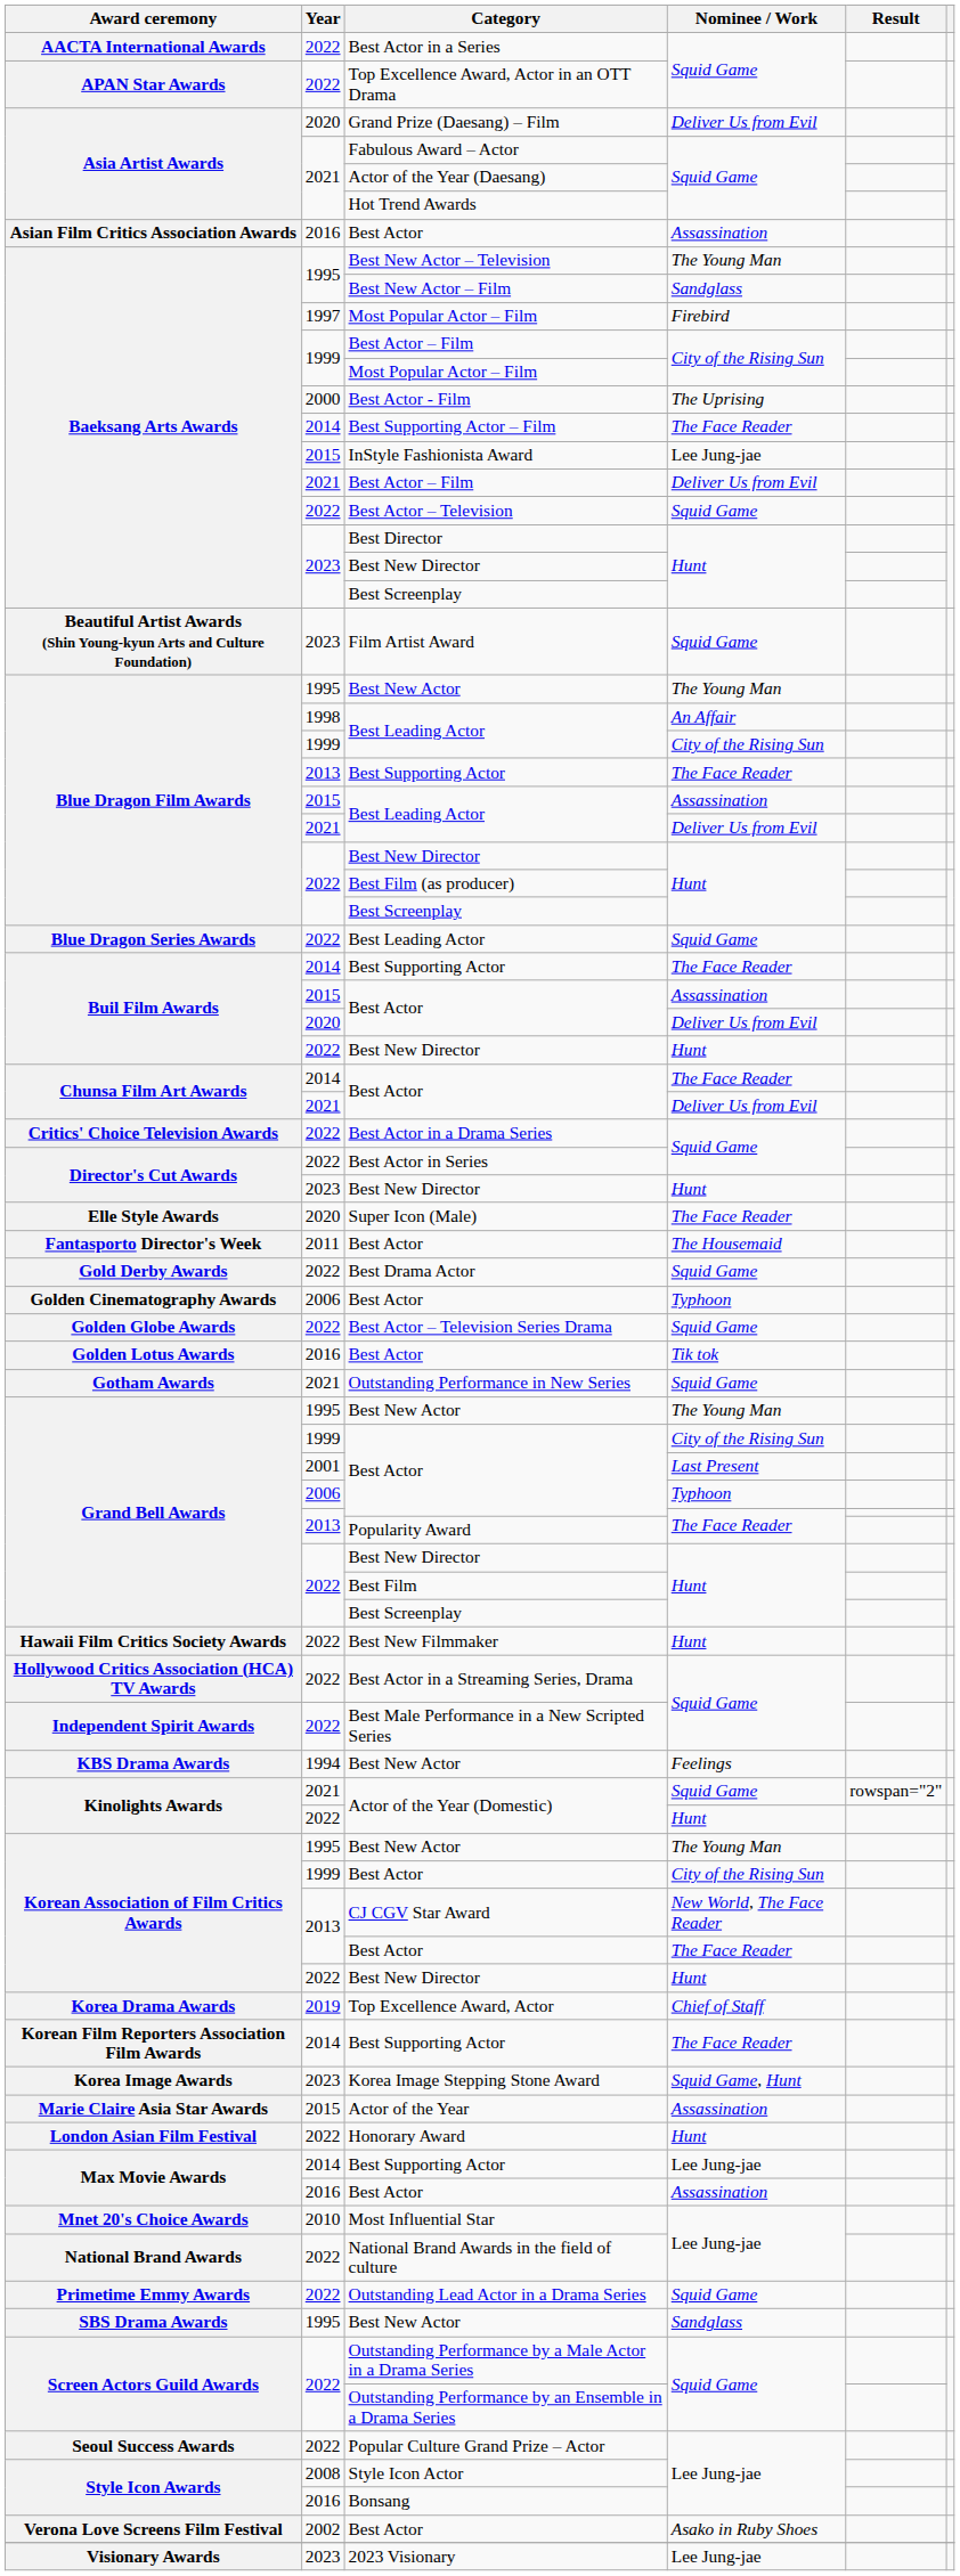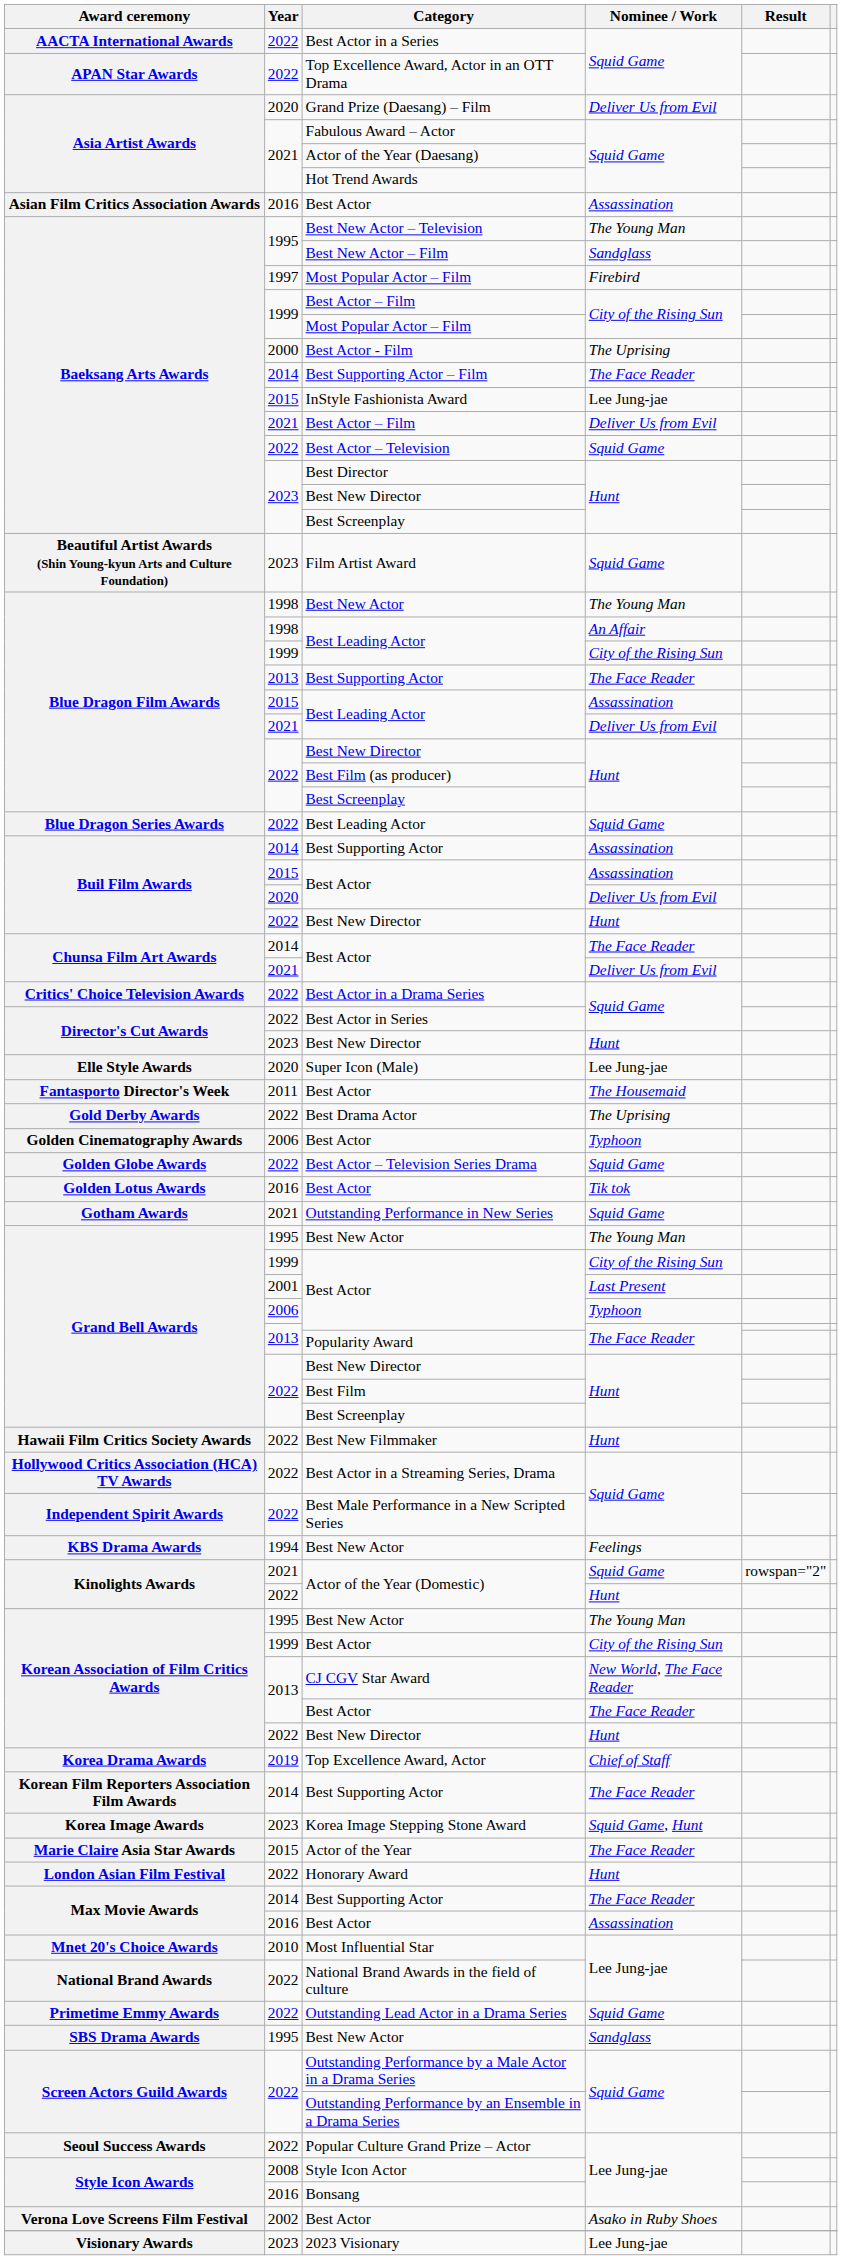 <table class="wikitable plainrowheaders sortable">
 <tr>
 <th scope="col">Award ceremony</th>
 <th scope="col">Year</th>
 <th scope="col">Category</th>
 <th scope="col">Nominee / Work</th>
 <th scope="col">Result</th>
 <th scope="col" class="unsortable"></th>
 </tr>
 <tr>
 <th scope="row"><a href='#'>AACTA International Awards</a></th>
 <td><a href='#'>2022</a></td>
 <td>Best Actor in a Series</td>
 <td rowspan="2"><em><a href='#'>Squid Game</a></em></td>
 <td></td>
 <td style="text-align:center;"></td>
 </tr>
 <tr>
 <th scope="row"  rowspan="1"><a href='#'>APAN Star Awards</a></th>
 <td rowspan="1"><a href='#'>2022</a></td>
 <td>Top Excellence Award, Actor in an OTT Drama</td>
 <td></td>
 <td style="text-align:center"></td>
 </tr>
 <tr>
 <th scope="row"  rowspan="4"><a href='#'>Asia Artist Awards</a></th>
 <td>2020</td>
 <td>Grand Prize (Daesang) – Film</td>
 <td><a href='#'><em>Deliver Us from Evil</em></a></td>
 <td></td>
 <td style="text-align:center;"></td>
 </tr>
 <tr>
 <td rowspan="3">2021</td>
 <td>Fabulous Award – Actor</td>
 <td rowspan="3"><em><a href='#'>Squid Game</a></em></td>
 <td></td>
 <td style="text-align:center;"></td>
 </tr>
 <tr>
 <td>Actor of the Year (Daesang)</td>
 <td></td>
 <td style="text-align:center" rowspan=2></td>
 </tr>
 <tr>
 <td>Hot Trend Awards</td>
 <td></td>
 </tr>
 <tr>
 <th scope="row">Asian Film Critics Association Awards</th>
 <td>2016</td>
 <td>Best Actor</td>
 <td><em><a href='#'>Assassination</a></em></td>
 <td></td>
 <td></td>
 </tr>
 <tr>
 <th rowspan="13" scope="row"><a href='#'>Baeksang Arts Awards</a></th>
 <td rowspan="2">1995</td>
 <td><a href='#'>Best New Actor – Television</a></td>
 <td rowspan="1"><em>The Young Man</em></td>
 <td></td>
 <td></td>
 </tr>
 <tr>
 <td><a href='#'>Best New Actor – Film</a></td>
 <td><em><a href='#'>Sandglass</a></em></td>
 <td></td>
 <td></td>
 </tr>
 <tr>
 <td>1997</td>
 <td><a href='#'>Most Popular Actor – Film</a></td>
 <td><em>Firebird</em></td>
 <td></td>
 <td></td>
 </tr>
 <tr>
 <td rowspan="2">1999</td>
 <td><a href='#'>Best Actor – Film</a></td>
 <td rowspan="2"><em><a href='#'>City of the Rising Sun</a></em></td>
 <td></td>
 <td></td>
 </tr>
 <tr>
 <td><a href='#'>Most Popular Actor – Film</a></td>
 <td></td>
 <td></td>
 </tr>
 <tr>
 <td>2000</td>
 <td><a href='#'>Best Actor - Film</a></td>
 <td><em>The Uprising</em></td>
 <td></td>
 <td></td>
 </tr>
 <tr>
 <td><a href='#'>2014</a></td>
 <td><a href='#'>Best Supporting Actor – Film</a></td>
 <td><em><a href='#'>The Face Reader</a></em></td>
 <td></td>
 <td style="text-align:center;"></td>
 </tr>
 <tr>
 <td><a href='#'>2015</a></td>
 <td>InStyle Fashionista Award</td>
 <td>Lee Jung-jae</td>
 <td></td>
 <td style="text-align:center;"></td>
 </tr>
 <tr>
 <td><a href='#'>2021</a></td>
 <td><a href='#'>Best Actor – Film</a></td>
 <td><a href='#'><em>Deliver Us from Evil</em></a></td>
 <td></td>
 <td style="text-align:center;"></td>
 </tr>
 <tr>
 <td><a href='#'>2022</a></td>
 <td><a href='#'>Best Actor – Television</a></td>
 <td><em><a href='#'>Squid Game</a></em></td>
 <td></td>
 <td style="text-align:center"></td>
 </tr>
 <tr>
 <td rowspan="3"><a href='#'>2023</a></td>
 <td>Best Director</td>
 <td rowspan="3"><em><a href='#'>Hunt</a></em></td>
 <td></td>
 <td style="text-align:center" rowspan="3"></td>
 </tr>
 <tr>
 <td>Best New Director</td>
 <td></td>
 </tr>
 <tr>
 <td>Best Screenplay</td>
 <td></td>
 </tr>
 <tr>
 <th scope="row">Beautiful Artist Awards <br><small>(Shin Young-kyun Arts and Culture Foundation)</small></th>
 <td>2023</td>
 <td>Film Artist Award</td>
 <td><em><a href='#'>Squid Game</a></em></td>
 <td></td>
 <td style="text-align:center"></td>
 </tr>
 <tr>
 <th rowspan="9" scope="row"><a href='#'>Blue Dragon Film Awards</a></th>
-<td>1995</td>
+<td>1998</td>
 <td><a href='#'>Best New Actor</a></td>
 <td rowspan="1"><em>The Young Man</em></td>
 <td></td>
 <td></td>
 </tr>
 <tr>
 <td>1998</td>
 <td rowspan="2"><a href='#'>Best Leading Actor</a></td>
 <td><em><a href='#'>An Affair</a></em></td>
 <td></td>
 <td></td>
 </tr>
 <tr>
 <td>1999</td>
 <td><em><a href='#'>City of the Rising Sun</a></em></td>
 <td></td>
 <td></td>
 </tr>
 <tr>
 <td><a href='#'>2013</a></td>
 <td><a href='#'>Best Supporting Actor</a></td>
 <td><em><a href='#'>The Face Reader</a></em></td>
 <td></td>
 <td style="text-align:center;"></td>
 </tr>
 <tr>
 <td><a href='#'>2015</a></td>
 <td rowspan="2"><a href='#'>Best Leading Actor</a></td>
 <td><em><a href='#'>Assassination</a></em></td>
 <td></td>
 <td></td>
 </tr>
 <tr>
 <td><a href='#'>2021</a></td>
 <td><a href='#'><em>Deliver Us from Evil</em></a></td>
 <td></td>
 <td style="text-align:center;"></td>
 </tr>
 <tr>
 <td rowspan="3"><a href='#'>2022</a></td>
 <td><a href='#'>Best New Director</a></td>
 <td rowspan="3"><a href='#'><em>Hunt</em></a></td>
 <td></td>
 <td style="text-align:center"></td>
 </tr>
 <tr>
 <td><a href='#'>Best Film</a> (as producer)</td>
 <td></td>
 <td rowspan="2" style="text-align:center"></td>
 </tr>
 <tr>
 <td><a href='#'>Best Screenplay</a></td>
 <td></td>
 </tr>
 <tr>
 <th scope="row"><a href='#'>Blue Dragon Series Awards</a></th>
 <td><a href='#'>2022</a></td>
 <td>Best Leading Actor</td>
 <td rowspan=1><em><a href='#'>Squid Game</a></em></td>
 <td></td>
 <td style="text-align:center"></td>
 </tr>
 <tr>
 <th scope="row"  rowspan="4"><a href='#'>Buil Film Awards</a></th>
 <td><a href='#'>2014</a></td>
 <td>Best Supporting Actor</td>
-<td><em><a href='#'>The Face Reader</a></em></td>
+<td rowspan="1"><em><a href='#'>Assassination</a></em></td>
 <td></td>
 <td></td>
 </tr>
 <tr>
 <td><a href='#'>2015</a></td>
 <td rowspan="2">Best Actor</td>
 <td><em><a href='#'>Assassination</a></em></td>
 <td></td>
 <td style="text-align:center;"></td>
 </tr>
 <tr>
 <td><a href='#'>2020</a></td>
 <td rowspan="1"><a href='#'><em>Deliver Us from Evil</em></a></td>
 <td></td>
 <td></td>
 </tr>
 <tr>
 <td><a href='#'>2022</a></td>
 <td>Best New Director</td>
 <td><em><a href='#'>Hunt</a></em></td>
 <td></td>
 <td style="text-align:center"></td>
 </tr>
 <tr>
 <th scope="row"  rowspan="2"><a href='#'>Chunsa Film Art Awards</a></th>
 <td>2014</td>
 <td rowspan="2">Best Actor</td>
 <td><em><a href='#'>The Face Reader</a></em></td>
 <td></td>
 <td></td>
 </tr>
 <tr>
 <td><a href='#'>2021</a></td>
 <td><a href='#'><em>Deliver Us from Evil</em></a></td>
 <td></td>
 <td style="text-align:center;"></td>
 </tr>
 <tr>
 <th scope="row"><a href='#'>Critics' Choice Television Awards</a></th>
 <td><a href='#'>2022</a></td>
 <td><a href='#'>Best Actor in a Drama Series</a></td>
 <td rowspan=2><em><a href='#'>Squid Game</a></em></td>
 <td></td>
 <td style="text-align:center;"></td>
 </tr>
 <tr>
 <th rowspan="2" scope="row"><a href='#'>Director's Cut Awards</a></th>
 <td>2022</td>
 <td>Best Actor in Series</td>
 <td></td>
 <td style="text-align:center;"></td>
 </tr>
 <tr>
 <td>2023</td>
 <td>Best New Director</td>
 <td><em><a href='#'>Hunt</a></em></td>
 <td></td>
 <td></td>
 </tr>
 <tr>
 <th scope="row">Elle Style Awards</th>
 <td>2020</td>
 <td>Super Icon (Male)</td>
-<td rowspan="1"><em><a href='#'>The Face Reader</a></em></td>
+<td>Lee Jung-jae</td>
 <td></td>
 <td style="text-align:center;"></td>
 </tr>
 <tr>
 <th scope="row"><a href='#'>Fantasporto</a> Director's Week</th>
 <td>2011</td>
 <td>Best Actor</td>
 <td><em><a href='#'>The Housemaid</a></em></td>
 <td></td>
 <td style="text-align:center;"></td>
 </tr>
 <tr>
 <th scope="row"><a href='#'>Gold Derby Awards</a></th>
 <td>2022</td>
 <td>Best Drama Actor</td>
-<td><em><a href='#'>Squid Game</a></em></td>
+<td><em>The Uprising</em></td>
 <td></td>
 <td style="text-align:center;"></td>
 </tr>
 <tr>
 <th scope="row"  rowspan="1">Golden Cinematography Awards</th>
 <td>2006</td>
 <td>Best Actor</td>
 <td><em><a href='#'>Typhoon</a></em></td>
 <td></td>
 <td></td>
 </tr>
 <tr>
 <th scope="row"><a href='#'>Golden Globe Awards</a></th>
 <td><a href='#'>2022</a></td>
 <td><a href='#'>Best Actor – Television Series Drama</a></td>
 <td><em><a href='#'>Squid Game</a></em></td>
 <td></td>
 <td style="text-align:center;"></td>
 </tr>
 <tr>
 <th scope="row"><a href='#'>Golden Lotus Awards</a></th>
 <td>2016</td>
 <td><a href='#'>Best Actor</a></td>
 <td><em><a href='#'>Tik tok</a></em></td>
 <td></td>
 <td></td>
 </tr>
 <tr>
 <th scope="row"><a href='#'>Gotham Awards</a></th>
 <td>2021</td>
 <td><a href='#'>Outstanding Performance in New Series</a></td>
 <td rowspan="1"><em><a href='#'>Squid Game</a></em></td>
 <td></td>
 <td style="text-align:center;"></td>
 </tr>
 <tr>
 <th rowspan="9" scope="row"><a href='#'>Grand Bell Awards</a></th>
 <td>1995</td>
 <td rowspan="1">Best New Actor</td>
 <td rowspan="1"><em>The Young Man</em></td>
 <td></td>
 <td></td>
 </tr>
 <tr>
 <td>1999</td>
 <td rowspan="4">Best Actor</td>
 <td rowspan="1"><em><a href='#'>City of the Rising Sun</a></em></td>
 <td></td>
 <td></td>
 </tr>
 <tr>
 <td>2001</td>
 <td><em><a href='#'>Last Present</a></em></td>
 <td></td>
 <td></td>
 </tr>
 <tr>
 <td><a href='#'>2006</a></td>
 <td rowspan="1"><em><a href='#'>Typhoon</a></em></td>
 <td></td>
 <td></td>
 </tr>
 <tr>
 <td rowspan="2"><a href='#'>2013</a></td>
 <td rowspan="2"><em><a href='#'>The Face Reader</a></em></td>
 <td></td>
 <td></td>
 </tr>
 <tr>
 <td>Popularity Award</td>
 <td></td>
 <td style="text-align:center;"></td>
 </tr>
 <tr>
 <td rowspan="3"><a href='#'>2022</a></td>
 <td>Best New Director</td>
 <td rowspan="3"><a href='#'><em>Hunt</em></a></td>
 <td></td>
 <td rowspan="3" style="text-align:center;"></td>
 </tr>
 <tr>
 <td>Best Film</td>
 <td></td>
 </tr>
 <tr>
 <td>Best Screenplay</td>
 <td></td>
 </tr>
 <tr>
 <th scope="row">Hawaii Film Critics Society Awards</th>
 <td>2022</td>
 <td>Best New Filmmaker</td>
 <td><em><a href='#'>Hunt</a></em></td>
 <td></td>
 <td style="text-align:center"></td>
 </tr>
 <tr>
 <th scope="row"><a href='#'>Hollywood Critics Association (HCA) TV Awards</a></th>
 <td>2022</td>
 <td>Best Actor in a Streaming Series, Drama</td>
 <td rowspan=2><em><a href='#'>Squid Game</a></em></td>
 <td></td>
 <td style="text-align:center;"></td>
 </tr>
 <tr>
 <th scope="row"><a href='#'>Independent Spirit Awards</a></th>
 <td><a href='#'>2022</a></td>
 <td>Best Male Performance in a New Scripted Series</td>
 <td></td>
 <td style="text-align:center;"></td>
 </tr>
 <tr>
 <th scope="row"><a href='#'>KBS Drama Awards</a></th>
 <td>1994</td>
 <td rowspan="1">Best New Actor</td>
 <td><em>Feelings</em></td>
 <td></td>
 <td></td>
 </tr>
 <tr>
 <th scope="row"  rowspan=2>Kinolights Awards</th>
 <td>2021</td>
 <td rowspan=2>Actor of the Year (Domestic)</td>
 <td><em><a href='#'>Squid Game</a></em></td>
 <td>rowspan="2" </td>
 <td style="text-align:center;"></td>
 </tr>
 <tr>
 <td>2022</td>
 <td><em><a href='#'>Hunt</a></em></td>
 <td style="text-align:center"></td>
 </tr>
 <tr>
 <th rowspan="5" scope="row"><a href='#'>Korean Association of Film Critics Awards</a></th>
 <td>1995</td>
 <td>Best New Actor</td>
 <td><em>The Young Man</em></td>
 <td></td>
 <td></td>
 </tr>
 <tr>
 <td rowspan="1">1999</td>
 <td>Best Actor</td>
 <td rowspan="1"><em><a href='#'>City of the Rising Sun</a></em></td>
 <td></td>
 <td></td>
 </tr>
 <tr>
 <td rowspan="2">2013</td>
 <td><a href='#'>CJ CGV</a> Star Award</td>
 <td><em><a href='#'>New World</a></em>, <em><a href='#'>The Face Reader</a></em></td>
 <td></td>
 <td style="text-align:center;"></td>
 </tr>
 <tr>
 <td rowspan="1">Best Actor</td>
 <td rowspan="1"><em><a href='#'>The Face Reader</a></em></td>
 <td></td>
 <td></td>
 </tr>
 <tr>
 <td>2022</td>
 <td>Best New Director</td>
 <td><a href='#'><em>Hunt</em></a></td>
 <td></td>
 <td style="text-align: center"></td>
 </tr>
 <tr>
 <th scope="row"  rowspan="1"><a href='#'>Korea Drama Awards</a></th>
 <td><a href='#'>2019</a></td>
 <td>Top Excellence Award, Actor</td>
 <td><em><a href='#'>Chief of Staff</a></em></td>
 <td></td>
 <td style="text-align:center;"></td>
 </tr>
 <tr>
 <th scope="row">Korean Film Reporters Association Film Awards</th>
 <td rowspan="1">2014</td>
 <td rowspan="1">Best Supporting Actor</td>
 <td rowspan="1"><em><a href='#'>The Face Reader</a></em></td>
 <td></td>
 <td style="text-align:center;"></td>
 </tr>
 <tr>
 <th scope="row">Korea Image Awards</th>
 <td>2023</td>
 <td>Korea Image Stepping Stone Award</td>
 <td><em><a href='#'>Squid Game</a></em>, <a href='#'><em>Hunt</em></a></td>
 <td></td>
 <td style="text-align:center;"></td>
 </tr>
 <tr>
 <th scope="row"><a href='#'>Marie Claire</a> Asia Star Awards</th>
 <td rowspan="1">2015</td>
 <td>Actor of the Year</td>
-<td rowspan="1"><em><a href='#'>Assassination</a></em></td>
+<td><em><a href='#'>The Face Reader</a></em></td>
 <td></td>
 <td style="text-align:center;"></td>
 </tr>
 <tr>
 <th scope="row"><a href='#'>London Asian Film Festival</a></th>
 <td>2022</td>
 <td>Honorary Award</td>
 <td><em><a href='#'>Hunt</a></em></td>
 <td></td>
 <td style="text-align:center"></td>
 </tr>
 <tr>
 <th scope="row"  rowspan="2">Max Movie Awards</th>
 <td>2014</td>
 <td>Best Supporting Actor</td>
-<td>Lee Jung-jae</td>
+<td rowspan="1"><em><a href='#'>The Face Reader</a></em></td>
 <td></td>
 <td></td>
 </tr>
 <tr>
 <td rowspan="1">2016</td>
 <td>Best Actor</td>
 <td><em><a href='#'>Assassination</a></em></td>
 <td></td>
 <td></td>
 </tr>
 <tr>
 <th scope="row"><a href='#'>Mnet 20's Choice Awards</a></th>
 <td>2010</td>
 <td>Most Influential Star</td>
 <td rowspan=2>Lee Jung-jae</td>
 <td></td>
 <td style="text-align:center;"></td>
 </tr>
 <tr>
 <th scope="row">National Brand Awards</th>
 <td>2022</td>
 <td>National Brand Awards in the field of culture</td>
 <td></td>
 <td style="text-align:center;"></td>
 </tr>
 <tr>
 <th scope="row"><a href='#'>Primetime Emmy Awards</a></th>
 <td><a href='#'>2022</a></td>
 <td><a href='#'>Outstanding Lead Actor in a Drama Series</a></td>
 <td><em><a href='#'>Squid Game</a></em></td>
 <td></td>
 <td style="text-align:center;"></td>
 </tr>
 <tr>
 <th scope="row"><a href='#'>SBS Drama Awards</a></th>
 <td>1995</td>
 <td>Best New Actor</td>
 <td rowspan="1"><em><a href='#'>Sandglass</a></em></td>
 <td></td>
 <td></td>
 </tr>
 <tr>
 <th scope="row" rowspan="2"><a href='#'>Screen Actors Guild Awards</a></th>
 <td rowspan="2"><a href='#'>2022</a></td>
 <td><a href='#'>Outstanding Performance by a Male Actor in a Drama Series</a></td>
 <td rowspan="2"><em><a href='#'>Squid Game</a></em></td>
 <td></td>
 <td rowspan="2" style="text-align:center"></td>
 </tr>
 <tr>
 <td><a href='#'>Outstanding Performance by an Ensemble in a Drama Series</a></td>
 <td></td>
 </tr>
 <tr>
 <th scope="row">Seoul Success Awards</th>
 <td>2022</td>
 <td>Popular Culture Grand Prize – Actor</td>
 <td rowspan="3">Lee Jung-jae</td>
 <td></td>
 <td style="text-align:center;"></td>
 </tr>
 <tr>
 <th scope="row"  rowspan="2"><a href='#'>Style Icon Awards</a></th>
 <td>2008</td>
 <td>Style Icon Actor</td>
 <td></td>
 <td style="text-align:center;"></td>
 </tr>
 <tr>
 <td>2016</td>
 <td>Bonsang</td>
 <td></td>
 <td style="text-align:center;"></td>
 </tr>
 <tr>
 <th scope="row">Verona Love Screens Film Festival</th>
 <td>2002</td>
 <td>Best Actor</td>
 <td><em>Asako in Ruby Shoes</em></td>
 <td></td>
 <td></td>
 </tr>
 <tr>
 </tr>
 <tr>
 <th scope="row">Visionary Awards</th>
 <td>2023</td>
 <td>2023 Visionary</td>
 <td>Lee Jung-jae</td>
 <td></td>
 <td style="text-align:center"></td>
 </tr>
 </table>
